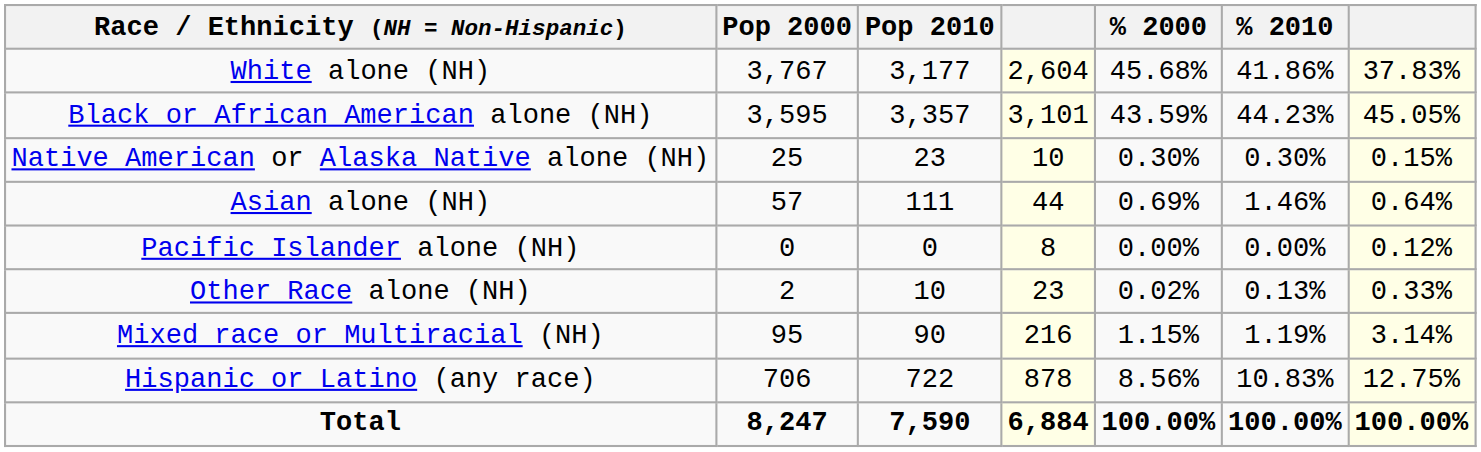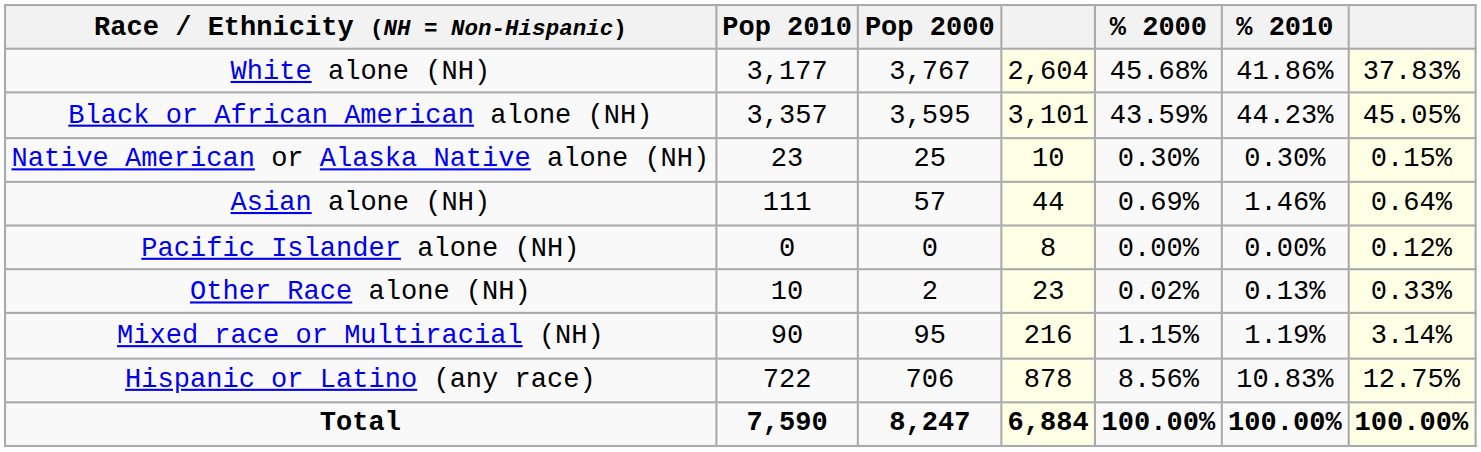 <table class="wikitable" style="text-align:center;">
 <tr>
 <th>Race / Ethnicity <small>(<em>NH = Non-Hispanic</em>)</small></th>
+<th>Pop 2010</th>
 <th>Pop 2000</th>
-<th>Pop 2010</th>
 <th></th>
 <th>% 2000</th>
 <th>% 2010</th>
 <th></th>
 </tr>
 <tr>
 <td><a href='#'>White</a> alone (NH)</td>
+<td>3,177</td>
 <td>3,767</td>
-<td>3,177</td>
 <td style='background: #ffffe6;'>2,604</td>
 <td>45.68%</td>
 <td>41.86%</td>
 <td style='background: #ffffe6;'>37.83%</td>
 </tr>
 <tr>
 <td><a href='#'>Black or African American</a> alone (NH)</td>
+<td>3,357</td>
 <td>3,595</td>
-<td>3,357</td>
 <td style='background: #ffffe6;'>3,101</td>
 <td>43.59%</td>
 <td>44.23%</td>
 <td style='background: #ffffe6;'>45.05%</td>
 </tr>
 <tr>
 <td><a href='#'>Native American</a> or <a href='#'>Alaska Native</a> alone (NH)</td>
+<td>23</td>
 <td>25</td>
-<td>23</td>
 <td style='background: #ffffe6;'>10</td>
 <td>0.30%</td>
 <td>0.30%</td>
 <td style='background: #ffffe6;'>0.15%</td>
 </tr>
 <tr>
 <td><a href='#'>Asian</a> alone (NH)</td>
+<td>111</td>
 <td>57</td>
-<td>111</td>
 <td style='background: #ffffe6;'>44</td>
 <td>0.69%</td>
 <td>1.46%</td>
 <td style='background: #ffffe6;'>0.64%</td>
 </tr>
 <tr>
 <td><a href='#'>Pacific Islander</a> alone (NH)</td>
 <td>0</td>
 <td>0</td>
 <td style='background: #ffffe6;'>8</td>
 <td>0.00%</td>
 <td>0.00%</td>
 <td style='background: #ffffe6;'>0.12%</td>
 </tr>
 <tr>
 <td><a href='#'>Other Race</a> alone (NH)</td>
+<td>10</td>
 <td>2</td>
-<td>10</td>
 <td style='background: #ffffe6;'>23</td>
 <td>0.02%</td>
 <td>0.13%</td>
 <td style='background: #ffffe6;'>0.33%</td>
 </tr>
 <tr>
 <td><a href='#'>Mixed race or Multiracial</a> (NH)</td>
+<td>90</td>
 <td>95</td>
-<td>90</td>
 <td style='background: #ffffe6;'>216</td>
 <td>1.15%</td>
 <td>1.19%</td>
 <td style='background: #ffffe6;'>3.14%</td>
 </tr>
 <tr>
 <td><a href='#'>Hispanic or Latino</a> (any race)</td>
+<td>722</td>
 <td>706</td>
-<td>722</td>
 <td style='background: #ffffe6;'>878</td>
 <td>8.56%</td>
 <td>10.83%</td>
 <td style='background: #ffffe6;'>12.75%</td>
 </tr>
 <tr>
 <td><strong>Total</strong></td>
+<td><strong>7,590</strong></td>
 <td><strong>8,247</strong></td>
-<td><strong>7,590</strong></td>
 <td style='background: #ffffe6;'><strong>6,884</strong></td>
 <td><strong>100.00%</strong></td>
 <td><strong>100.00%</strong></td>
 <td style='background: #ffffe6;'><strong>100.00%</strong></td>
 </tr>
 </table>
